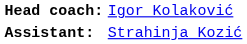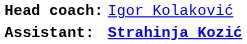 <table>
 <tr>
 <td><strong>Head coach:</strong></td>
 <td><a href='#'>Igor Kolaković</a></td>
 </tr>
 <tr>
 <td><strong>Assistant:</strong></td>
-<td><a href='#'>Strahinja Kozić</a></td>
+<td><strong><a href='#'>Strahinja Kozić</a></strong></td>
 </tr>
 </table>
